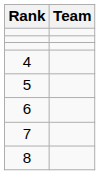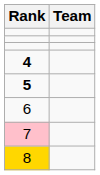 <table class="wikitable" style="text-align: center;">
 <tr>
 <th width=40>Rank</th>
 <th>Team</th>
 </tr>
 <tr align=center>
 <td></td>
 <td style="text-align:left;"></td>
 </tr>
 <tr align=center>
 <td></td>
 <td style="text-align:left;"></td>
 </tr>
 <tr align=center>
 <td></td>
 <td style="text-align:left;"></td>
 </tr>
 <tr align=center>
-<td>4</td>
+<td><strong>4</strong></td>
 <td style="text-align:left;"></td>
 </tr>
 <tr align=center>
-<td>5</td>
+<td><strong>5</strong></td>
 <td style="text-align:left;"></td>
 </tr>
 <tr align=center>
 <td>6</td>
 <td style="text-align:left;"></td>
 </tr>
 <tr align=center>
-<td>7</td>
+<td style="background: pink;">7</td>
 <td style="text-align:left;"></td>
 </tr>
 <tr align=center>
-<td>8</td>
+<td style="background: gold;">8</td>
 <td style="text-align:left;"></td>
 </tr>
 </table>
